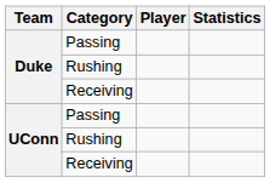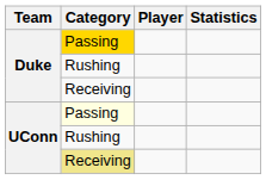 <table class="wikitable" style="float:right">
 <tr>
 <th>Team</th>
 <th>Category</th>
 <th>Player</th>
 <th>Statistics</th>
 </tr>
 <tr>
 <th rowspan=3>Duke</th>
-<td>Passing</td>
+<td style="background: gold;">Passing</td>
 <td></td>
 <td></td>
 </tr>
 <tr>
 <td>Rushing</td>
 <td></td>
 <td></td>
 </tr>
 <tr>
 <td>Receiving</td>
 <td></td>
 <td></td>
 </tr>
 <tr>
 <th rowspan=3>UConn</th>
-<td>Passing</td>
+<td style="background: lightyellow;">Passing</td>
 <td></td>
 <td></td>
 </tr>
 <tr>
 <td>Rushing</td>
 <td></td>
 <td></td>
 </tr>
 <tr>
-<td>Receiving</td>
+<td style="background: khaki;">Receiving</td>
 <td></td>
 <td></td>
 </tr>
 </table>
